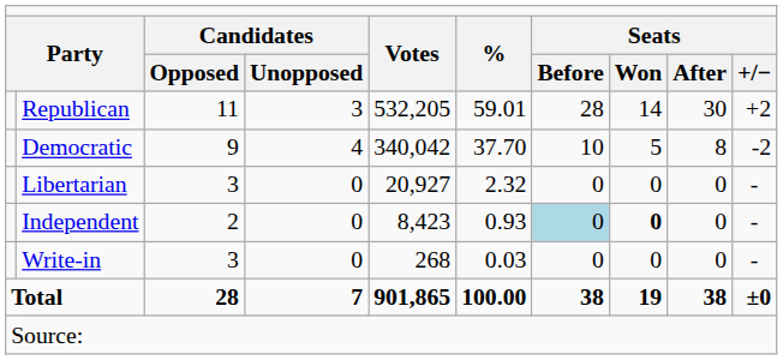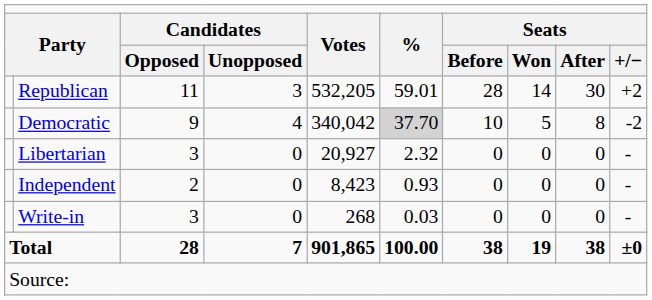 <table class="wikitable">
 <tr>
 <td colspan="12" style="text-align:center;"></td>
 </tr>
 <tr>
 <th colspan="2" rowspan="2">Party</th>
 <th colspan="2">Candidates</th>
 <th rowspan="2">Votes</th>
 <th rowspan="2">%</th>
 <th colspan="4">Seats</th>
 </tr>
 <tr>
 <th>Opposed</th>
 <th>Unopposed</th>
 <th>Before</th>
 <th>Won</th>
 <th>After</th>
 <th>+/−</th>
 </tr>
 <tr>
 <td style="background-color:"></td>
 <td><a href='#'>Republican</a></td>
 <td style="text-align:right;">11</td>
 <td style="text-align:right;">3</td>
 <td style="text-align:right;">532,205</td>
 <td style="text-align:right;">59.01</td>
 <td style="text-align:right;">28</td>
 <td style="text-align:right;">14</td>
 <td style="text-align:right;">30</td>
 <td style="text-align:right;">+2</td>
 </tr>
 <tr>
 <td style="background-color:"></td>
 <td><a href='#'>Democratic</a></td>
 <td style="text-align:right;">9</td>
 <td style="text-align:right;">4</td>
 <td style="text-align:right;">340,042</td>
-<td style="text-align:right;">37.70</td>
+<td style="background: lightgrey; text-align:right;">37.70</td>
 <td style="text-align:right;">10</td>
 <td style="text-align:right;">5</td>
 <td style="text-align:right;">8</td>
 <td style="text-align:right;">-2</td>
 </tr>
 <tr>
 <td style="background-color:"></td>
 <td><a href='#'>Libertarian</a></td>
 <td style="text-align:right;">3</td>
 <td style="text-align:right;">0</td>
 <td style="text-align:right;">20,927</td>
 <td style="text-align:right;">2.32</td>
 <td style="text-align:right;">0</td>
 <td style="text-align:right;">0</td>
 <td style="text-align:right;">0</td>
 <td style="text-align:center;">-</td>
 </tr>
 <tr>
 <td style="background-color:"></td>
 <td><a href='#'>Independent</a></td>
 <td style="text-align:right;">2</td>
 <td style="text-align:right;">0</td>
 <td style="text-align:right;">8,423</td>
 <td style="text-align:right;">0.93</td>
-<td style="background: lightblue; text-align:right;">0</td>
-<td style="text-align:right;"><strong>0</strong></td>
+<td style="text-align:right;">0</td>
+<td style="text-align:right;">0</td>
 <td style="text-align:right;">0</td>
 <td style="text-align:center;">-</td>
 </tr>
 <tr>
 <td style="background-color:"></td>
 <td><a href='#'>Write-in</a></td>
 <td style="text-align:right;">3</td>
 <td style="text-align:right;">0</td>
 <td style="text-align:right;">268</td>
 <td style="text-align:right;">0.03</td>
 <td style="text-align:right;">0</td>
 <td style="text-align:right;">0</td>
 <td style="text-align:right;">0</td>
 <td style="text-align:center;">-</td>
 </tr>
 <tr>
 <td colspan="2"><strong>Total</strong></td>
 <td style="text-align:right;"><strong>28</strong></td>
 <td style="text-align:right;"><strong>7</strong></td>
 <td style="text-align:right;"><strong>901,865</strong></td>
 <td style="text-align:right;"><strong>100.00</strong></td>
 <td style="text-align:right;"><strong>38</strong></td>
 <td style="text-align:right;"><strong>19</strong></td>
 <td style="text-align:right;"><strong>38</strong></td>
 <td style="text-align:right;"><strong>±0</strong></td>
 </tr>
 <tr>
 <td colspan="10">Source: <em></em></td>
 </tr>
 </table>
